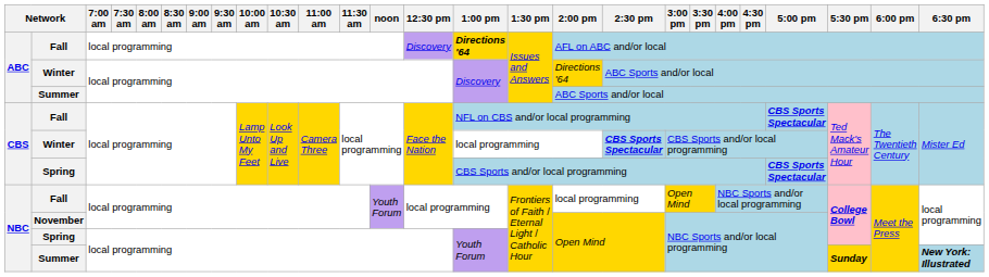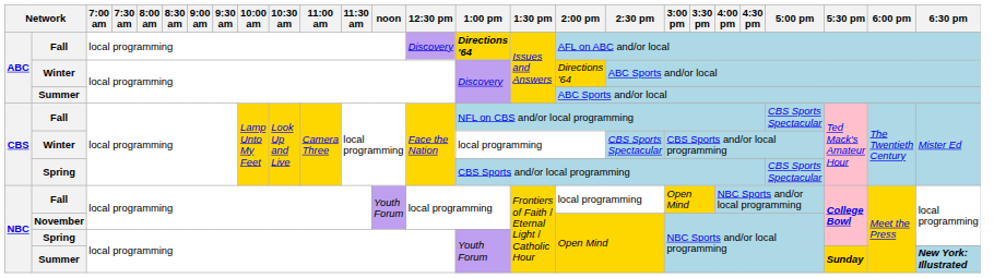 <table class=wikitable style="font-size:90%">
 <tr>
 <th width="1.5%" bgcolor="#C0C0C0" colspan="2">Network</th>
 <th width="13%" bgcolor="#C0C0C0">7:00 am</th>
 <th width="14%" bgcolor="#C0C0C0">7:30 am</th>
 <th width="13%" bgcolor="#C0C0C0">8:00 am</th>
 <th width="14%" bgcolor="#C0C0C0">8:30 am</th>
 <th width="13%" bgcolor="#C0C0C0">9:00 am</th>
 <th width="14%" bgcolor="#C0C0C0">9:30 am</th>
 <th width="13%" bgcolor="#C0C0C0">10:00 am</th>
 <th width="14%" bgcolor="#C0C0C0">10:30 am</th>
 <th width="13%" bgcolor="#C0C0C0">11:00 am</th>
 <th width="14%" bgcolor="#C0C0C0">11:30 am</th>
 <th width="13%" bgcolor="#C0C0C0">noon</th>
 <th width="14%" bgcolor="#C0C0C0">12:30 pm</th>
 <th width="13%" bgcolor="#C0C0C0">1:00 pm</th>
 <th width="14%" bgcolor="#C0C0C0">1:30 pm</th>
 <th width="13%" bgcolor="#C0C0C0">2:00 pm</th>
 <th width="14%" bgcolor="#C0C0C0">2:30 pm</th>
 <th width="13%" bgcolor="#C0C0C0">3:00 pm</th>
 <th width="14%" bgcolor="#C0C0C0">3:30 pm</th>
 <th width="13%" bgcolor="#C0C0C0">4:00 pm</th>
 <th width="14%" bgcolor="#C0C0C0">4:30 pm</th>
 <th width="13%" bgcolor="#C0C0C0">5:00 pm</th>
 <th width="14%" bgcolor="#C0C0C0">5:30 pm</th>
 <th width="13%" bgcolor="#C0C0C0">6:00 pm</th>
 <th width="14%" bgcolor="#C0C0C0">6:30 pm</th>
 </tr>
 <tr>
 <th bgcolor="#C0C0C0" rowspan=3><a href='#'>ABC</a></th>
 <th bgcolor=#C0C0C0>Fall</th>
 <td bgcolor="white" colspan="11">local programming</td>
 <td bgcolor="bf9fef"><em><a href='#'>Discovery</a></em></td>
 <td bgcolor="gold"><strong><em>Directions '64</em></strong></td>
 <td bgcolor="gold" rowspan=3><em><a href='#'>Issues and Answers</a></em></td>
 <td bgcolor="lightblue" colspan=10><a href='#'>AFL on ABC</a> and/or local</td>
 </tr>
 <tr>
 <th bgcolor=#C0C0C0>Winter</th>
 <td bgcolor="white" colspan="12" rowspan=2>local programming</td>
 <td bgcolor="bf9fef" rowspan=2><em><a href='#'>Discovery</a></em></td>
 <td bgcolor="gold"><em>Directions '64</em></td>
 <td bgcolor="lightblue" colspan=9><a href='#'>ABC Sports</a> and/or local</td>
 </tr>
 <tr>
 <th bgcolor=#C0C0C0>Summer</th>
 <td bgcolor="lightblue" colspan=10><a href='#'>ABC Sports</a> and/or local</td>
 </tr>
 <tr>
 <th bgcolor="#C0C0C0" rowspan=3><a href='#'>CBS</a></th>
 <th bgcolor=#C0C0C0>Fall</th>
 <td bgcolor="white" colspan="6" rowspan=3>local programming</td>
 <td bgcolor=gold rowspan=3><em><a href='#'>Lamp Unto My Feet</a></em></td>
 <td bgcolor="gold" rowspan=3><em><a href='#'>Look Up and Live</a></em></td>
 <td bgcolor="gold" rowspan=3><em><a href='#'>Camera Three</a></em></td>
 <td bgcolor="white"colspan=2 rowspan=3>local programming</td>
 <td bgcolor="gold" rowspan=3><em><a href='#'>Face the Nation</a></em></td>
 <td bgcolor="lightblue" colspan=8><a href='#'>NFL on CBS</a> and/or local programming</td>
-<td bgcolor="lightblue"><strong><em><a href='#'>CBS Sports Spectacular</a></em></strong></td>
+<td bgcolor="lightblue"><em><a href='#'>CBS Sports Spectacular</a></em></td>
 <td bgcolor="pink" rowspan=3><em><a href='#'>Ted Mack's Amateur Hour</a></em></td>
 <td bgcolor="lightblue" rowspan=3><em><a href='#'>The Twentieth Century</a></em></td>
 <td bgcolor="lightblue" rowspan=3><em><a href='#'>Mister Ed</a></em></td>
 </tr>
 <tr>
 <th bgcolor=#C0C0C0>Winter</th>
 <td bgcolor="white"colspan=3>local programming</td>
-<td bgcolor="lightblue"><strong><em><a href='#'>CBS Sports Spectacular</a></em></strong></td>
+<td bgcolor="lightblue"><em><a href='#'>CBS Sports Spectacular</a></em></td>
 <td bgcolor="lightblue" colspan=5><a href='#'>CBS Sports</a> and/or local programming</td>
 </tr>
 <tr>
 <th bgcolor=#C0C0C0>Spring</th>
 <td bgcolor="lightblue" colspan=8><a href='#'>CBS Sports</a> and/or local programming</td>
-<td bgcolor="lightblue"><strong><em><a href='#'>CBS Sports Spectacular</a></em></strong></td>
+<td bgcolor="lightblue"><em><a href='#'>CBS Sports Spectacular</a></em></td>
 </tr>
 <tr>
 <th bgcolor="#C0C0C0" rowspan=4><a href='#'>NBC</a></th>
 <th bgcolor=#C0C0C0>Fall</th>
 <td bgcolor="white" colspan="10" rowspan=2>local programming</td>
 <td bgcolor="bf9fef" rowspan=2><em>Youth Forum</em></td>
 <td bgcolor="white" colspan="2" rowspan=2>local programming</td>
 <td bgcolor="gold" rowspan=4><em>Frontiers of Faith</em> / <em>Eternal Light</em> / <em>Catholic Hour</em></td>
 <td bgcolor="white" colspan="2">local programming</td>
 <td bgcolor="gold" colspan="2"><em>Open Mind</em></td>
 <td bgcolor="lightblue" colspan="3"><a href='#'>NBC Sports</a> and/or local programming</td>
 <td bgcolor="pink" rowspan=3><strong><em><a href='#'>College Bowl</a></em></strong></td>
 <td bgcolor="gold" rowspan=4><em><a href='#'>Meet the Press</a></em></td>
 <td bgcolor="white" colspan="1"rowspan=3>local programming</td>
 </tr>
 <tr>
 <th bgcolor=#C0C0C0>November</th>
 <td bgcolor="gold" colspan="2"rowspan=3><em>Open Mind</em></td>
 <td bgcolor="lightblue" colspan="5"rowspan=3><a href='#'>NBC Sports</a> and/or local programming</td>
 </tr>
 <tr>
 <th bgcolor=#C0C0C0>Spring</th>
 <td bgcolor="white" colspan="12" rowspan=2>local programming</td>
 <td bgcolor="bf9fef" rowspan=2><em>Youth Forum</em></td>
 </tr>
 <tr>
 <th bgcolor=#C0C0C0>Summer</th>
 <td bgcolor="gold"><strong><em>Sunday</em></strong></td>
 <td bgcolor="lightblue"><strong><em>New York: Illustrated</em></strong></td>
 </tr>
 </table>
